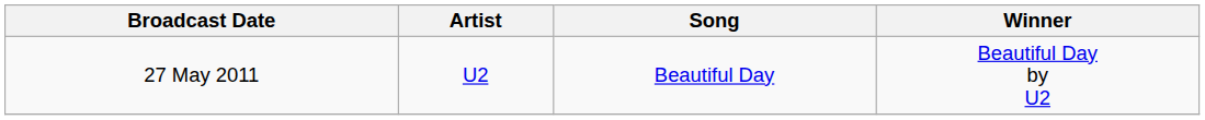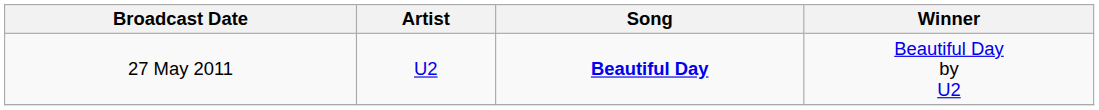 <table class="wikitable" style="text-align:center" width=75%>
 <tr>
 <th>Broadcast Date</th>
 <th>Artist</th>
 <th>Song</th>
 <th>Winner</th>
 </tr>
 <tr>
 <td>27 May 2011</td>
 <td><a href='#'>U2</a></td>
-<td><a href='#'>Beautiful Day</a></td>
+<td><strong><a href='#'>Beautiful Day</a></strong></td>
 <td><a href='#'>Beautiful Day</a><br>by<br><a href='#'>U2</a></td>
 </tr>
 <tr>
 </tr>
 </table>
